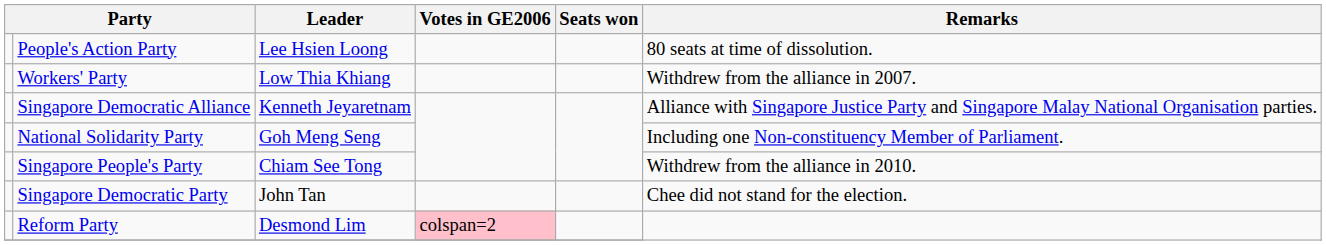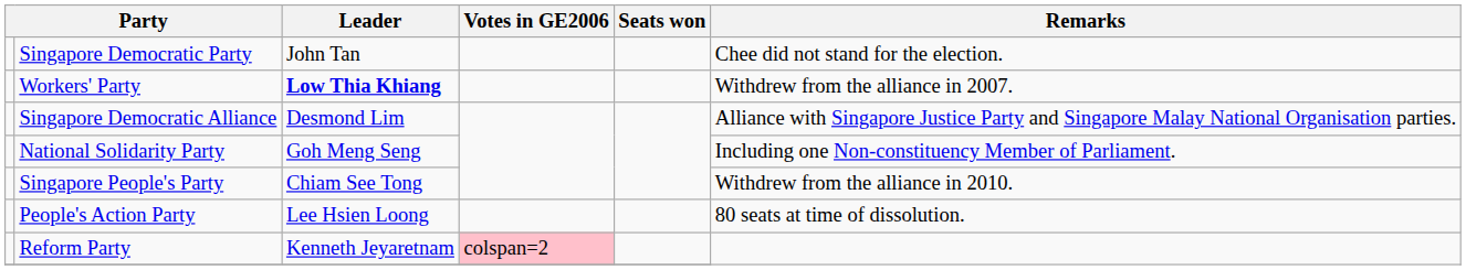 <table class="wikitable">
 <tr>
 <th colspan=2>Party</th>
 <th>Leader</th>
 <th>Votes in GE2006</th>
 <th>Seats won</th>
 <th>Remarks</th>
 </tr>
 <tr>
 <td style="background: "></td>
-<td><a href='#'>People's Action Party</a></td>
-<td><a href='#'>Lee Hsien Loong</a></td>
+<td><a href='#'>Singapore Democratic Party</a></td>
+<td>John Tan</td>
 <td></td>
 <td></td>
-<td>80 seats at time of dissolution.</td>
+<td>Chee did not stand for the election.</td>
 </tr>
 <tr>
 <td style="background: "></td>
 <td><a href='#'>Workers' Party</a></td>
-<td><a href='#'>Low Thia Khiang</a></td>
+<td><strong><a href='#'>Low Thia Khiang</a></strong></td>
 <td></td>
 <td></td>
 <td>Withdrew from the alliance in 2007.</td>
 </tr>
 <tr>
 <td style="background: "></td>
 <td><a href='#'>Singapore Democratic Alliance</a></td>
-<td><a href='#'>Kenneth Jeyaretnam</a></td>
+<td><a href='#'>Desmond Lim</a></td>
 <td rowspan=3></td>
 <td rowspan=3></td>
 <td>Alliance with <a href='#'>Singapore Justice Party</a> and <a href='#'>Singapore Malay National Organisation</a> parties.</td>
 </tr>
 <tr>
 <td style="background: "></td>
 <td><a href='#'>National Solidarity Party</a></td>
 <td><a href='#'>Goh Meng Seng</a></td>
 <td>Including one <a href='#'>Non-constituency Member of Parliament</a>.</td>
 </tr>
 <tr>
 <td style="background: "></td>
 <td><a href='#'>Singapore People's Party</a></td>
 <td><a href='#'>Chiam See Tong</a></td>
 <td>Withdrew from the alliance in 2010.</td>
 </tr>
 <tr>
 <td style="background: "></td>
-<td><a href='#'>Singapore Democratic Party</a></td>
-<td>John Tan</td>
+<td><a href='#'>People's Action Party</a></td>
+<td><a href='#'>Lee Hsien Loong</a></td>
 <td></td>
 <td></td>
-<td>Chee did not stand for the election.</td>
+<td>80 seats at time of dissolution.</td>
 </tr>
 <tr>
 <td style="background: "></td>
 <td><a href='#'>Reform Party</a></td>
-<td><a href='#'>Desmond Lim</a></td>
+<td><a href='#'>Kenneth Jeyaretnam</a></td>
 <td style="background: pink;">colspan=2 </td>
 <td></td>
 </tr>
 <tr>
 </tr>
 </table>
